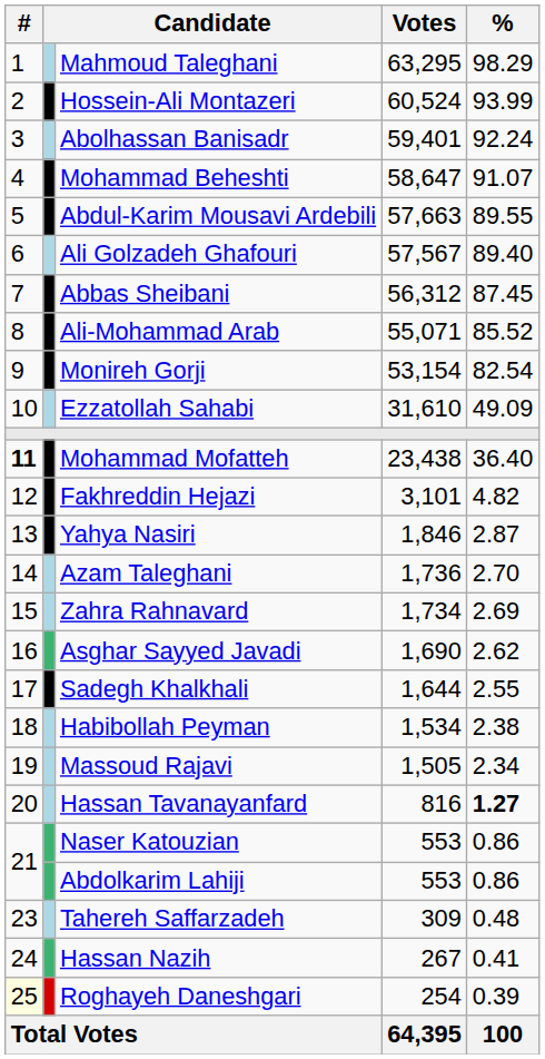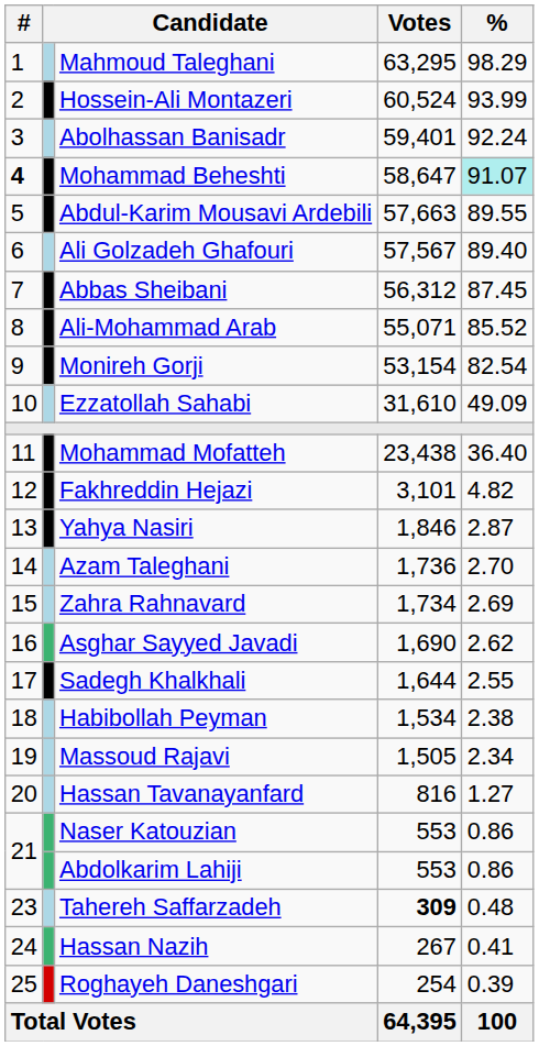 <table class="wikitable">
 <tr>
 <th>#</th>
 <th colspan="2">Candidate</th>
 <th>Votes</th>
 <th>%</th>
 </tr>
 <tr>
 <td>1</td>
 <td style="background:#ADD8E6;"></td>
 <td><a href='#'>Mahmoud Taleghani</a></td>
 <td>63,295</td>
 <td>98.29</td>
 </tr>
 <tr>
 <td>2</td>
 <td style="background:#000000;"></td>
 <td><a href='#'>Hossein-Ali Montazeri</a></td>
 <td>60,524</td>
 <td>93.99</td>
 </tr>
 <tr>
 <td>3</td>
 <td style="background:#ADD8E6;"></td>
 <td><a href='#'>Abolhassan Banisadr</a></td>
 <td>59,401</td>
 <td>92.24</td>
 </tr>
 <tr>
-<td>4</td>
+<td><strong>4</strong></td>
 <td style="background:#000000;"></td>
 <td><a href='#'>Mohammad Beheshti</a></td>
 <td>58,647</td>
-<td>91.07</td>
+<td style="background: paleturquoise;">91.07</td>
 </tr>
 <tr>
 <td>5</td>
 <td style="background:#000000;"></td>
 <td><a href='#'>Abdul-Karim Mousavi Ardebili</a></td>
 <td>57,663</td>
 <td>89.55</td>
 </tr>
 <tr>
 <td>6</td>
 <td style="background:#ADD8E6;"></td>
 <td><a href='#'>Ali Golzadeh Ghafouri</a></td>
 <td>57,567</td>
 <td>89.40</td>
 </tr>
 <tr>
 <td>7</td>
 <td style="background:#000000;"></td>
 <td><a href='#'>Abbas Sheibani</a></td>
 <td>56,312</td>
 <td>87.45</td>
 </tr>
 <tr>
 <td>8</td>
 <td style="background:#000000;"></td>
 <td><a href='#'>Ali-Mohammad Arab</a></td>
 <td>55,071</td>
 <td>85.52</td>
 </tr>
 <tr>
 <td>9</td>
 <td style="background:#000000;"></td>
 <td><a href='#'>Monireh Gorji</a></td>
 <td>53,154</td>
 <td>82.54</td>
 </tr>
 <tr>
 <td>10</td>
 <td style="background:#ADD8E6;"></td>
 <td><a href='#'>Ezzatollah Sahabi</a></td>
 <td>31,610</td>
 <td>49.09</td>
 </tr>
 <tr>
 <td colspan="9" style="background:#E9E9E9;"></td>
 </tr>
 <tr>
-<td><strong>11</strong></td>
+<td>11</td>
 <td style="background:#000000;"></td>
 <td><a href='#'>Mohammad Mofatteh</a></td>
 <td align=right>23,438</td>
 <td>36.40</td>
 </tr>
 <tr>
 <td>12</td>
 <td style="background:#000000;"></td>
 <td><a href='#'>Fakhreddin Hejazi</a></td>
 <td align=right>3,101</td>
 <td>4.82</td>
 </tr>
 <tr>
 <td>13</td>
 <td style="background:#000000;"></td>
 <td><a href='#'>Yahya Nasiri</a></td>
 <td align=right>1,846</td>
 <td>2.87</td>
 </tr>
 <tr>
 <td>14</td>
 <td style="background:#ADD8E6;"></td>
 <td><a href='#'>Azam Taleghani</a></td>
 <td align=right>1,736</td>
 <td>2.70</td>
 </tr>
 <tr>
 <td>15</td>
 <td style="background:#ADD8E6;"></td>
 <td><a href='#'>Zahra Rahnavard</a></td>
 <td align=right>1,734</td>
 <td>2.69</td>
 </tr>
 <tr>
 <td>16</td>
 <td style="background:#3CB371;"></td>
 <td><a href='#'>Asghar Sayyed Javadi</a></td>
 <td align=right>1,690</td>
 <td>2.62</td>
 </tr>
 <tr>
 <td>17</td>
 <td style="background:#000000;"></td>
 <td><a href='#'>Sadegh Khalkhali</a></td>
 <td align=right>1,644</td>
 <td>2.55</td>
 </tr>
 <tr>
 <td>18</td>
 <td style="background:#ADD8E6;"></td>
 <td><a href='#'>Habibollah Peyman</a></td>
 <td align=right>1,534</td>
 <td>2.38</td>
 </tr>
 <tr>
 <td>19</td>
 <td style="background:#ADD8E6;"></td>
 <td><a href='#'>Massoud Rajavi</a></td>
 <td align=right>1,505</td>
 <td>2.34</td>
 </tr>
 <tr>
 <td>20</td>
 <td style="background:#ADD8E6;"></td>
 <td><a href='#'>Hassan Tavanayanfard</a></td>
 <td align=right>816</td>
-<td><strong>1.27</strong></td>
+<td>1.27</td>
 </tr>
 <tr>
 <td rowspan=2>21</td>
 <td style="background:#3CB371;"></td>
 <td><a href='#'>Naser Katouzian</a></td>
 <td align=right>553</td>
 <td>0.86</td>
 </tr>
 <tr>
 <td style="background:#3CB371;"></td>
 <td><a href='#'>Abdolkarim Lahiji</a></td>
 <td align=right>553</td>
 <td>0.86</td>
 </tr>
 <tr>
 <td>23</td>
 <td style="background:#ADD8E6;"></td>
 <td><a href='#'>Tahereh Saffarzadeh</a></td>
-<td align=right>309</td>
+<td align=right><strong>309</strong></td>
 <td>0.48</td>
 </tr>
 <tr>
 <td>24</td>
 <td style="background:#3CB371;"></td>
 <td><a href='#'>Hassan Nazih</a></td>
 <td align=right>267</td>
 <td>0.41</td>
 </tr>
 <tr>
-<td style="background: lightyellow;">25</td>
+<td>25</td>
 <td style="background:#D40000;"></td>
 <td><a href='#'>Roghayeh Daneshgari</a></td>
 <td align=right>254</td>
 <td>0.39</td>
 </tr>
 <tr>
 <th colspan="3" style="text-align:left;">Total Votes</th>
 <th>64,395</th>
 <th>100</th>
 </tr>
 </table>
